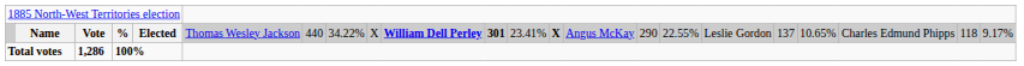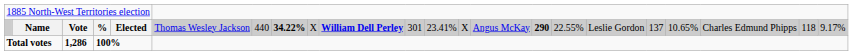 <table class="wikitable">
 <tr>
 <td colspan=5 align=center><a href='#'>1885 North-West Territories election</a></td>
 </tr>
 <tr bgcolor="CCCCCC">
 <td></td>
 <th>Name</th>
 <th>Vote</th>
 <th>%</th>
 <th><strong>Elected</strong><br></th>
 <td><a href='#'>Thomas Wesley Jackson</a></td>
 <td>440</td>
-<td>34.22%</td>
+<td><strong>34.22%</strong></td>
 <td>X<br></td>
 <td><strong><a href='#'>William Dell Perley</a></strong></td>
-<td><strong>301</strong></td>
+<td>301</td>
 <td>23.41%</td>
-<td><strong>X<br></strong></td>
+<td>X<br></td>
 <td><a href='#'>Angus McKay</a></td>
-<td>290</td>
+<td><strong>290</strong></td>
 <td colspan=2 alignment="left">22.55%<br></td>
 <td>Leslie Gordon</td>
 <td>137</td>
 <td colspan=2 alignment="left">10.65%<br></td>
 <td>Charles Edmund Phipps</td>
 <td>118</td>
 <td colspan=2 alignment="left">9.17%</td>
 </tr>
 <tr>
 <td colspan=2><strong>Total votes</strong></td>
 <td><strong>1,286</strong></td>
 <td colspan=2 alignment="left"><strong>100%</strong></td>
 </tr>
 </table>
